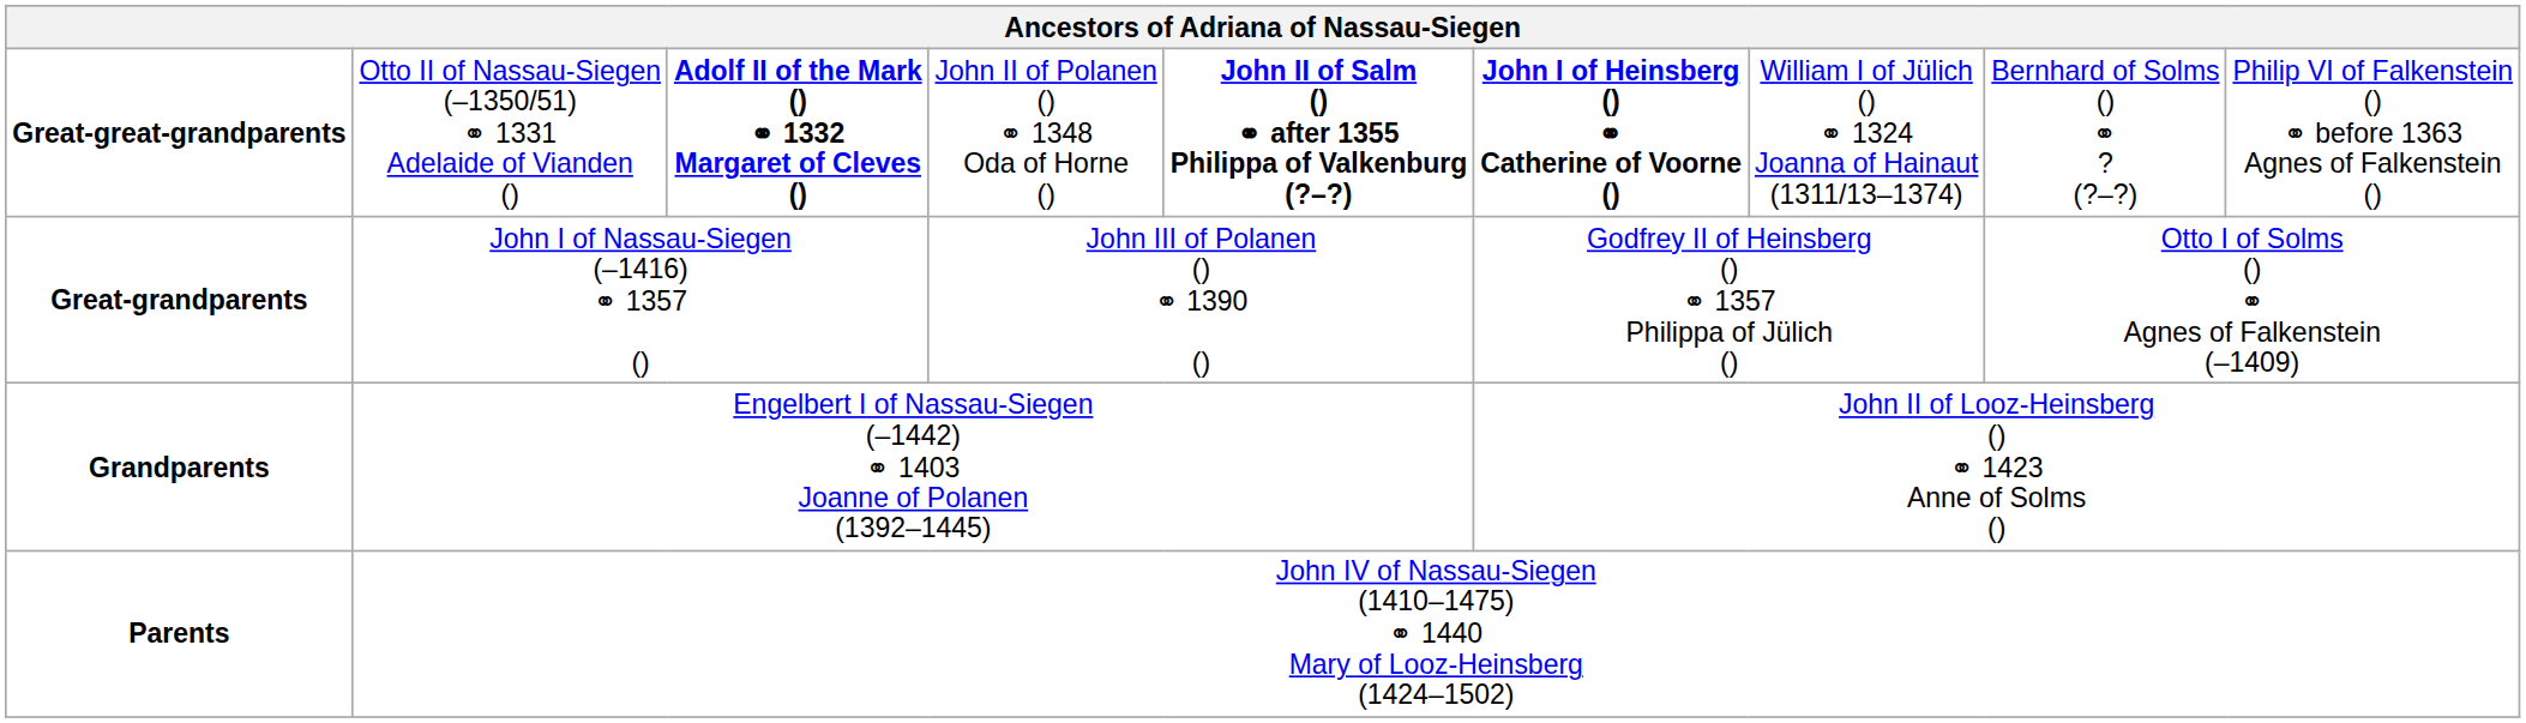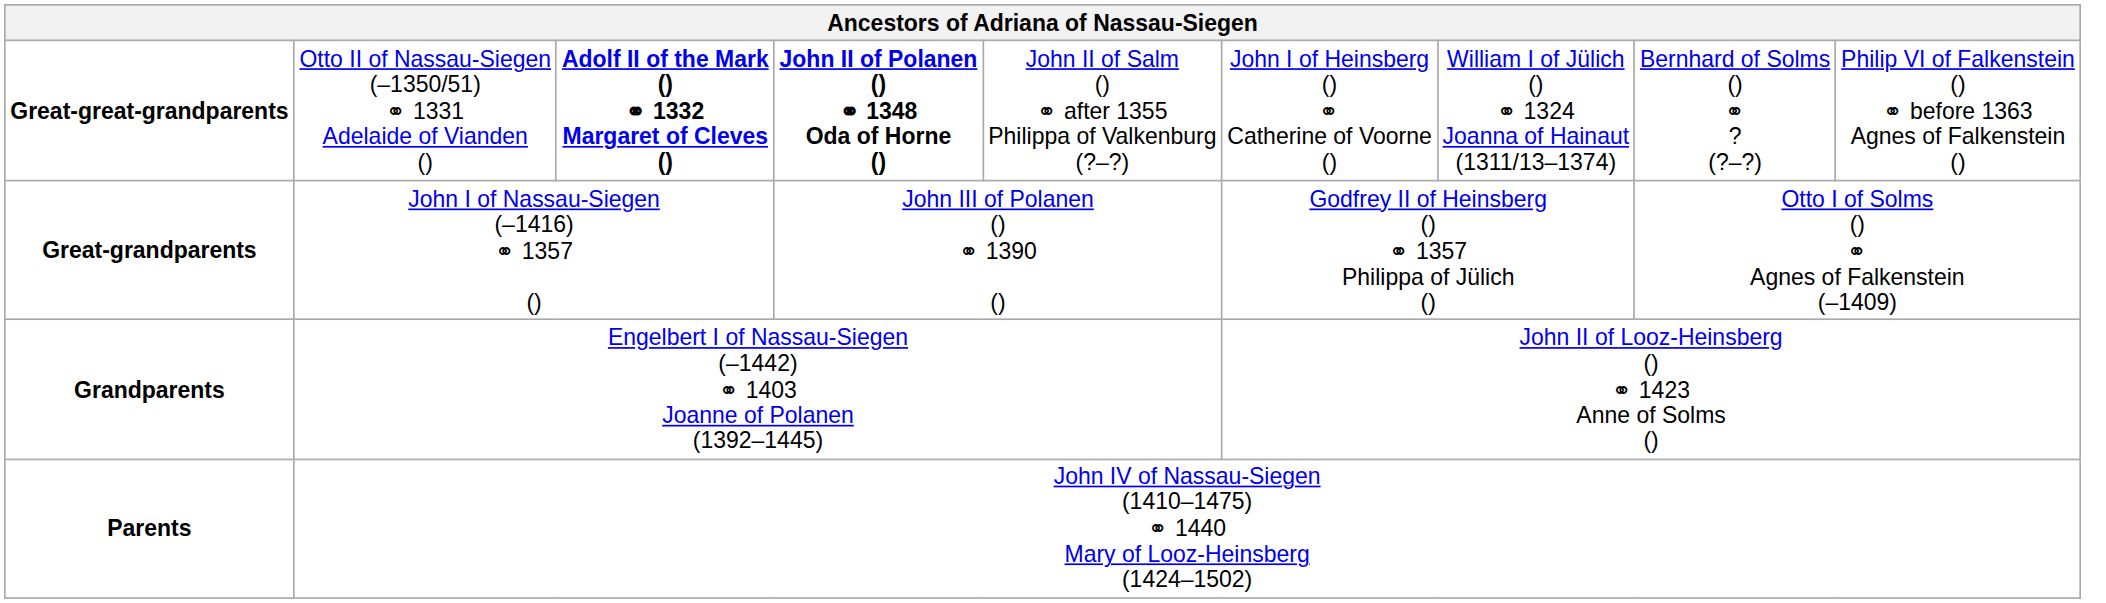 <table class="wikitable" style="background:#FFFFFF; font-size:85%; text-align:center">
 <tr bgcolor="#E0E0E0">
 <th colspan="9">Ancestors of Adriana of Nassau-Siegen</th>
 </tr>
 <tr>
 <td><strong>Great-great-grandparents</strong></td>
 <td colspan="1"><a href='#'>Otto II of Nassau-Siegen</a><br>(–1350/51)<br>⚭ 1331<br><a href='#'>Adelaide of Vianden</a><br>()</td>
 <td colspan="1"><strong><a href='#'>Adolf II of the Mark</a><br>()<br>⚭ 1332<br><a href='#'>Margaret of Cleves</a><br>()</strong></td>
-<td colspan="1"><a href='#'>John II of Polanen</a><br>()<br>⚭ 1348<br>Oda of Horne<br>()</td>
-<td colspan="1"><strong><a href='#'>John II of Salm</a><br>()<br>⚭ after 1355<br>Philippa of Valkenburg<br>(?–?)</strong></td>
-<td colspan="1"><strong><a href='#'>John I of Heinsberg</a><br>()<br>⚭ <br>Catherine of Voorne<br>()</strong></td>
+<td colspan="1"><strong><a href='#'>John II of Polanen</a><br>()<br>⚭ 1348<br>Oda of Horne<br>()</strong></td>
+<td colspan="1"><a href='#'>John II of Salm</a><br>()<br>⚭ after 1355<br>Philippa of Valkenburg<br>(?–?)</td>
+<td colspan="1"><a href='#'>John I of Heinsberg</a><br>()<br>⚭ <br>Catherine of Voorne<br>()</td>
 <td colspan="1"><a href='#'>William I of Jülich</a><br>()<br>⚭ 1324<br><a href='#'>Joanna of Hainaut</a><br>(1311/13–1374)</td>
 <td colspan="1"><a href='#'>Bernhard of Solms</a><br>()<br>⚭<br>?<br>(?–?)</td>
 <td colspan="1"><a href='#'>Philip VI of Falkenstein</a><br>()<br>⚭ before 1363<br>Agnes of Falkenstein<br>()</td>
 </tr>
 <tr>
 <td><strong>Great-grandparents</strong></td>
 <td colspan="2"><a href='#'>John I of Nassau-Siegen</a><br>(–1416)<br>⚭ 1357<br><br>()</td>
 <td colspan="2"><a href='#'>John III of Polanen</a><br>()<br>⚭ 1390<br><br>()</td>
 <td colspan="2"><a href='#'>Godfrey II of Heinsberg</a><br>()<br>⚭ 1357<br>Philippa of Jülich<br>()</td>
 <td colspan="2"><a href='#'>Otto I of Solms</a><br>()<br>⚭<br>Agnes of Falkenstein<br>(–1409)</td>
 </tr>
 <tr>
 <td><strong>Grandparents</strong></td>
 <td colspan="4"><a href='#'>Engelbert I of Nassau-Siegen</a><br>(–1442)<br>⚭ 1403<br><a href='#'>Joanne of Polanen</a><br>(1392–1445)</td>
 <td colspan="4"><a href='#'>John II of Looz-Heinsberg</a><br>()<br>⚭ 1423<br>Anne of Solms<br>()</td>
 </tr>
 <tr>
 <td><strong>Parents</strong></td>
 <td colspan="8"><a href='#'>John IV of Nassau-Siegen</a><br>(1410–1475)<br>⚭ 1440<br><a href='#'>Mary of Looz-Heinsberg</a><br>(1424–1502)</td>
 </tr>
 </table>
